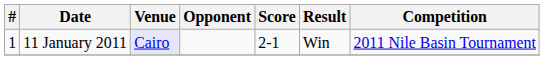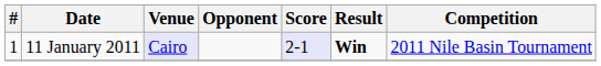 <table class="wikitable">
 <tr>
 <th>#</th>
 <th>Date</th>
 <th>Venue</th>
 <th>Opponent</th>
 <th>Score</th>
 <th>Result</th>
 <th>Competition</th>
 </tr>
 <tr>
 <td>1</td>
 <td>11 January 2011</td>
 <td style="background: lavender;"><a href='#'>Cairo</a></td>
 <td></td>
-<td>2-1</td>
-<td>Win</td>
+<td style="background: lavender;">2-1</td>
+<td><strong>Win</strong></td>
 <td><a href='#'>2011 Nile Basin Tournament</a></td>
 </tr>
 <tr>
 </tr>
 </table>
